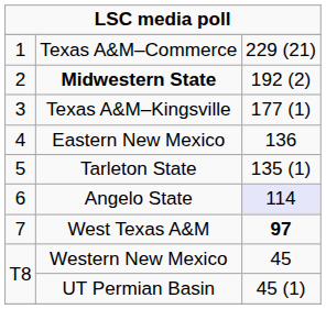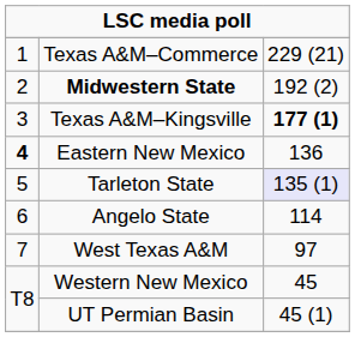 <table class="wikitable" style="display: inline-table;">
 <tr>
 <td align="center" Colspan="3"><strong>LSC media poll</strong></td>
 </tr>
 <tr align="center">
 </tr>
 <tr align="center">
 <td>1</td>
 <td>Texas A&M–Commerce</td>
 <td>229 (21)</td>
 </tr>
 <tr align="center">
 <td>2</td>
 <td><strong>Midwestern State</strong></td>
 <td>192 (2)</td>
 </tr>
 <tr align="center">
 <td>3</td>
 <td>Texas A&M–Kingsville</td>
-<td>177 (1)</td>
+<td><strong>177 (1)</strong></td>
 </tr>
 <tr align="center">
-<td>4</td>
+<td><strong>4</strong></td>
 <td>Eastern New Mexico</td>
 <td>136</td>
 </tr>
 <tr align="center">
 <td>5</td>
 <td>Tarleton State</td>
-<td>135 (1)</td>
+<td style="background: lavender;">135 (1)</td>
 </tr>
 <tr align="center">
 <td>6</td>
 <td>Angelo State</td>
-<td style="background: lavender;">114</td>
+<td>114</td>
 </tr>
 <tr align="center">
 <td>7</td>
 <td>West Texas A&M</td>
-<td><strong>97</strong></td>
+<td>97</td>
 </tr>
 <tr align="center">
 <td rowspan=2>T8</td>
 <td>Western New Mexico</td>
 <td>45</td>
 </tr>
 <tr align="center">
 <td>UT Permian Basin</td>
 <td>45 (1)</td>
 </tr>
 <tr>
 </tr>
 </table>
